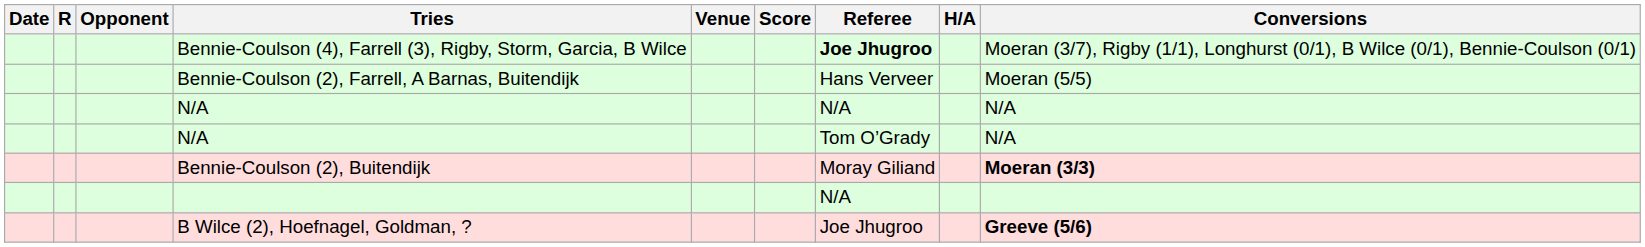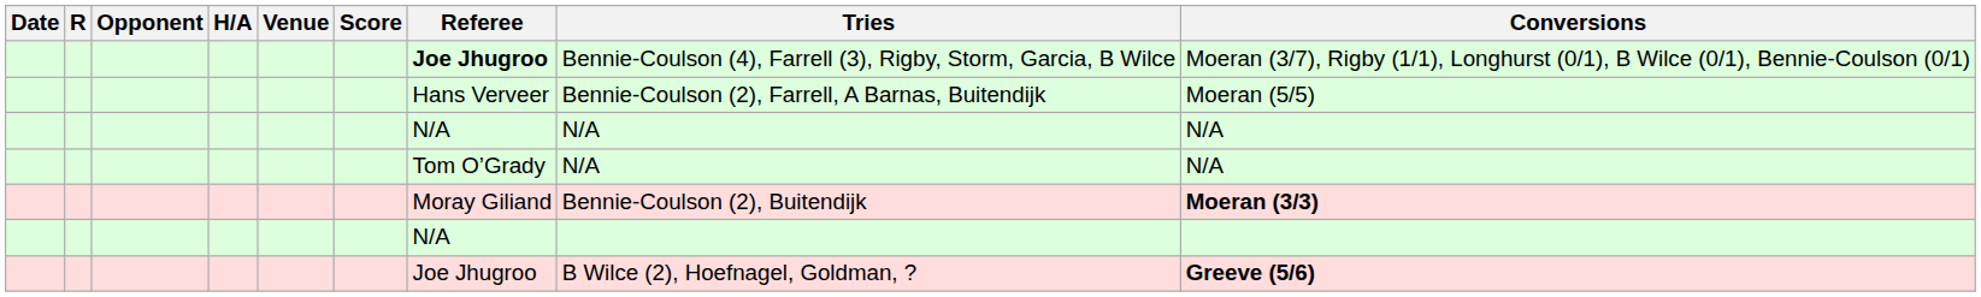 <table class="wikitable">
 <tr>
 <th>Date</th>
 <th>R</th>
 <th>Opponent</th>
-<th>Tries</th>
+<th>H/A</th>
 <th>Venue</th>
 <th>Score</th>
 <th>Referee</th>
-<th>H/A</th>
+<th>Tries</th>
 <th>Conversions</th>
 </tr>
 <tr style="background:#ddffdd;">
 <td></td>
 <td></td>
 <td></td>
-<td>Bennie-Coulson (4), Farrell (3), Rigby, Storm, Garcia, B Wilce</td>
+<td></td>
 <td></td>
 <td></td>
 <td><strong> Joe Jhugroo</strong></td>
-<td></td>
+<td>Bennie-Coulson (4), Farrell (3), Rigby, Storm, Garcia, B Wilce</td>
 <td>Moeran (3/7), Rigby (1/1), Longhurst (0/1), B Wilce (0/1), Bennie-Coulson (0/1)</td>
 </tr>
 <tr style="background:#ddffdd;">
 <td></td>
 <td></td>
 <td></td>
-<td>Bennie-Coulson (2), Farrell, A Barnas, Buitendijk</td>
+<td></td>
 <td></td>
 <td></td>
 <td> Hans Verveer</td>
-<td></td>
+<td>Bennie-Coulson (2), Farrell, A Barnas, Buitendijk</td>
 <td>Moeran (5/5)</td>
 </tr>
 <tr style="background:#ddffdd;">
 <td></td>
 <td></td>
 <td></td>
-<td>N/A</td>
+<td></td>
 <td></td>
 <td></td>
 <td>N/A</td>
-<td></td>
+<td>N/A</td>
 <td>N/A</td>
 </tr>
 <tr style="background:#ddffdd;">
 <td></td>
 <td></td>
 <td></td>
-<td>N/A</td>
+<td></td>
 <td></td>
 <td></td>
 <td> Tom O’Grady</td>
-<td></td>
+<td>N/A</td>
 <td>N/A</td>
 </tr>
 <tr style="background:#ffdddd;">
 <td></td>
 <td></td>
 <td></td>
-<td>Bennie-Coulson (2), Buitendijk</td>
+<td></td>
 <td></td>
 <td></td>
 <td> Moray Giliand</td>
-<td></td>
+<td>Bennie-Coulson (2), Buitendijk</td>
 <td><strong>Moeran (3/3)</strong></td>
 </tr>
 <tr style="background:#ddffdd;">
 <td></td>
 <td></td>
 <td></td>
 <td></td>
 <td></td>
 <td></td>
 <td>N/A</td>
 <td></td>
 <td></td>
 </tr>
 <tr style="background:#ffdddd;">
 <td></td>
 <td></td>
 <td></td>
-<td>B Wilce (2), Hoefnagel, Goldman, ?</td>
+<td></td>
 <td></td>
 <td></td>
 <td>Joe Jhugroo</td>
-<td></td>
+<td>B Wilce (2), Hoefnagel, Goldman, ?</td>
 <td><strong>Greeve (5/6)</strong></td>
 </tr>
 </table>
